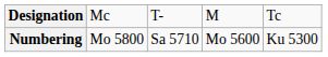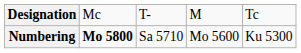 <table class="wikitable">
 <tr>
 <th>Designation</th>
 <td>Mc</td>
 <td>T-</td>
 <td>M</td>
 <td>Tc</td>
 </tr>
 <tr>
 <th>Numbering</th>
-<td>Mo 5800</td>
+<td><strong>Mo 5800</strong></td>
 <td>Sa 5710</td>
 <td>Mo 5600</td>
 <td>Ku 5300</td>
 </tr>
 </table>
